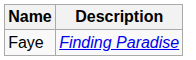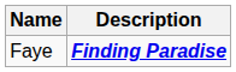 <table class="wikitable sortable">
 <tr>
 <th>Name</th>
 <th>Description</th>
 </tr>
 <tr>
 <td>Faye</td>
-<td><em><a href='#'>Finding Paradise</a></em></td>
+<td><strong><em><a href='#'>Finding Paradise</a></em></strong></td>
 </tr>
 </table>
